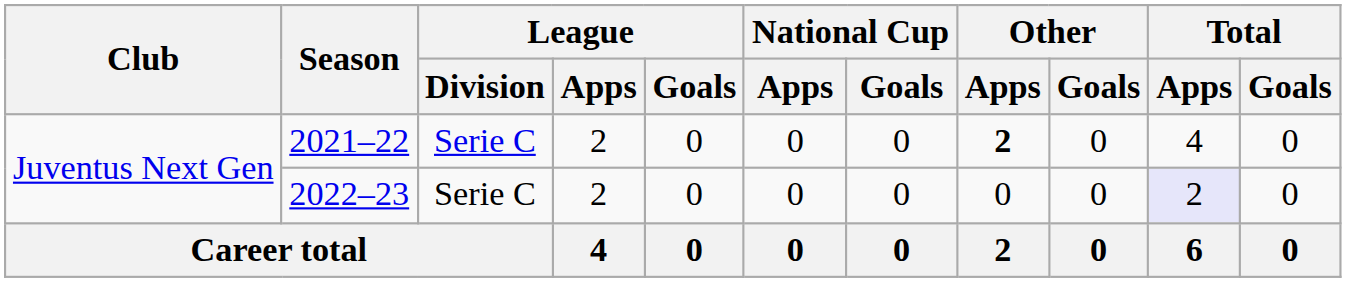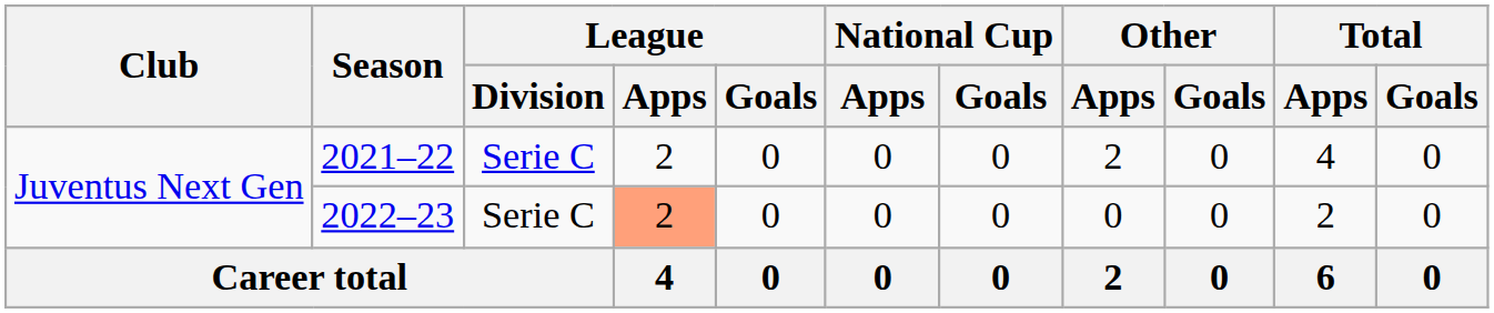 <table class="wikitable" style="text-align:center">
 <tr>
 <th rowspan="2">Club</th>
 <th rowspan="2">Season</th>
 <th colspan="3">League</th>
 <th colspan="2">National Cup</th>
 <th colspan="2">Other</th>
 <th colspan="2">Total</th>
 </tr>
 <tr>
 <th>Division</th>
 <th>Apps</th>
 <th>Goals</th>
 <th>Apps</th>
 <th>Goals</th>
 <th>Apps</th>
 <th>Goals</th>
 <th>Apps</th>
 <th>Goals</th>
 </tr>
 <tr>
 <td rowspan="2"><a href='#'>Juventus Next Gen</a></td>
 <td><a href='#'>2021–22</a></td>
 <td><a href='#'>Serie C</a></td>
 <td>2</td>
 <td>0</td>
 <td>0</td>
 <td>0</td>
-<td><strong>2</strong></td>
+<td>2</td>
 <td>0</td>
 <td>4</td>
 <td>0</td>
 </tr>
 <tr>
 <td><a href='#'>2022–23</a></td>
 <td>Serie C</td>
-<td>2</td>
+<td style="background: lightsalmon;">2</td>
 <td>0</td>
 <td>0</td>
 <td>0</td>
 <td>0</td>
 <td>0</td>
-<td style="background: lavender;">2</td>
+<td>2</td>
 <td>0</td>
 </tr>
 <tr>
 <th colspan="3">Career total</th>
 <th>4</th>
 <th>0</th>
 <th>0</th>
 <th>0</th>
 <th>2</th>
 <th>0</th>
 <th>6</th>
 <th>0</th>
 </tr>
 </table>
